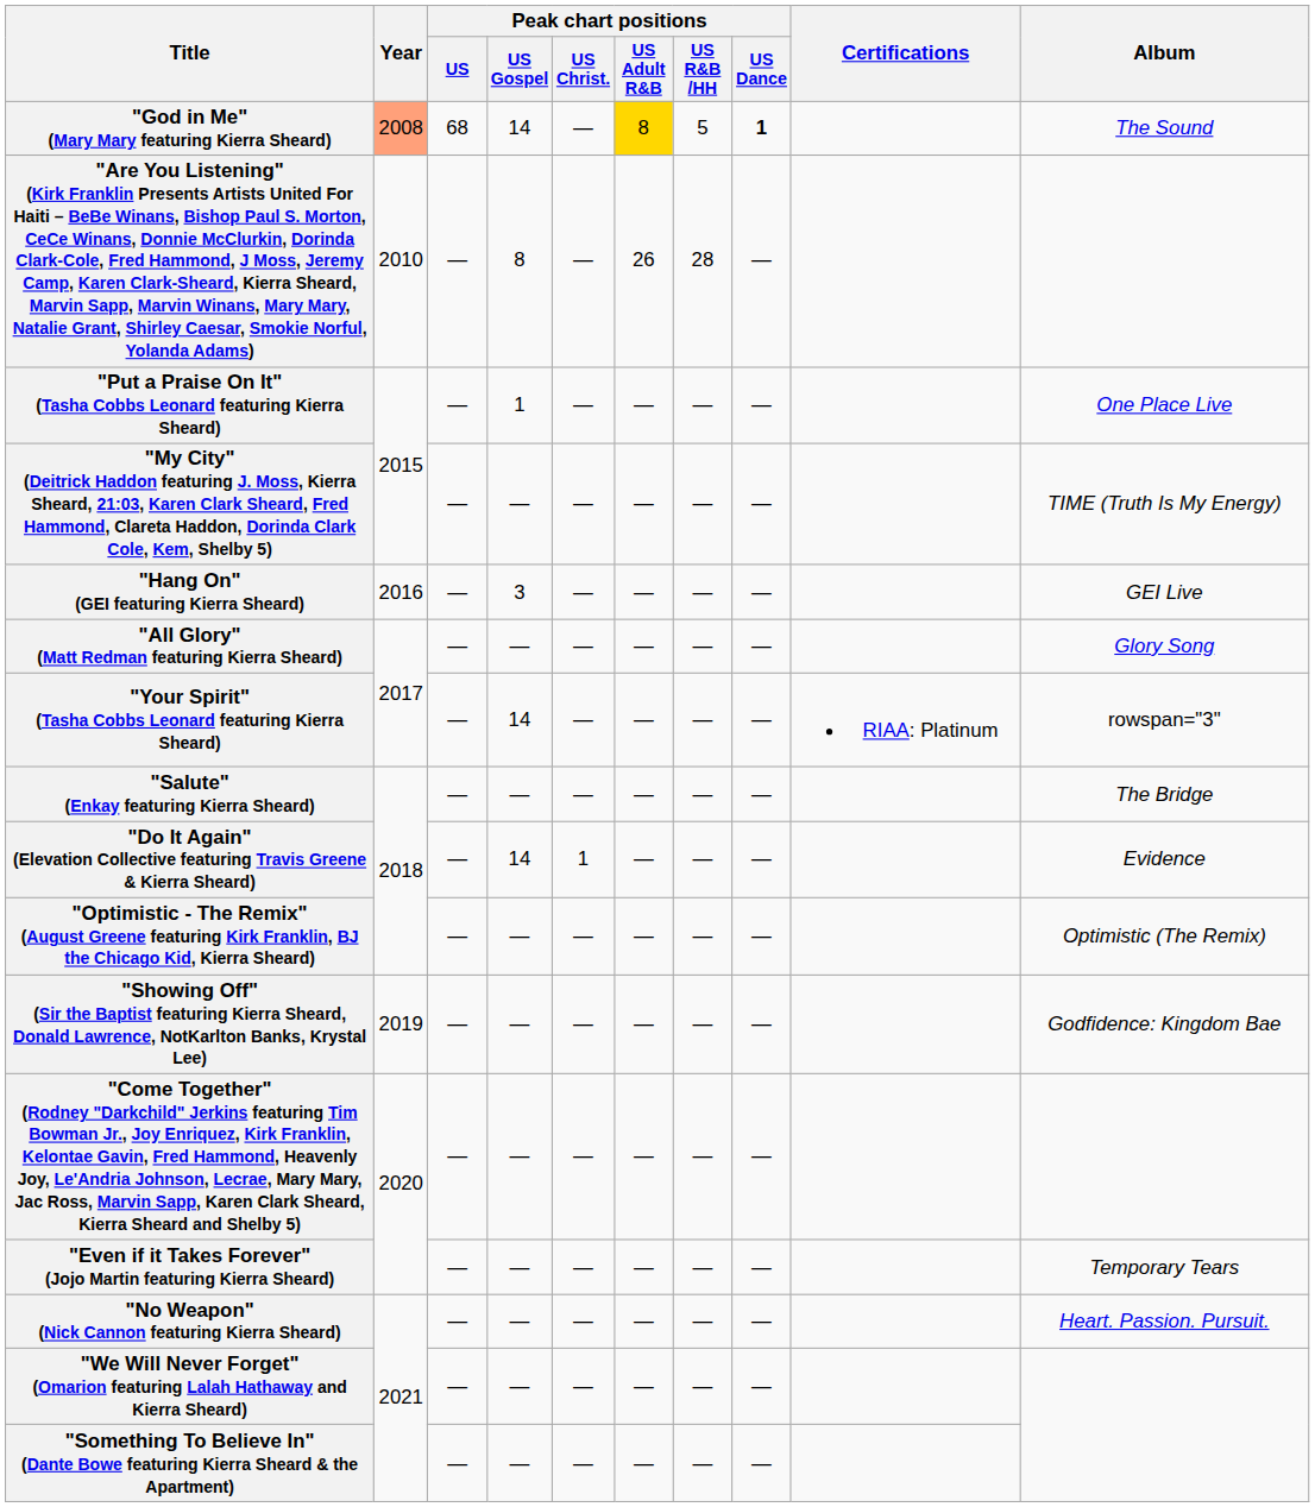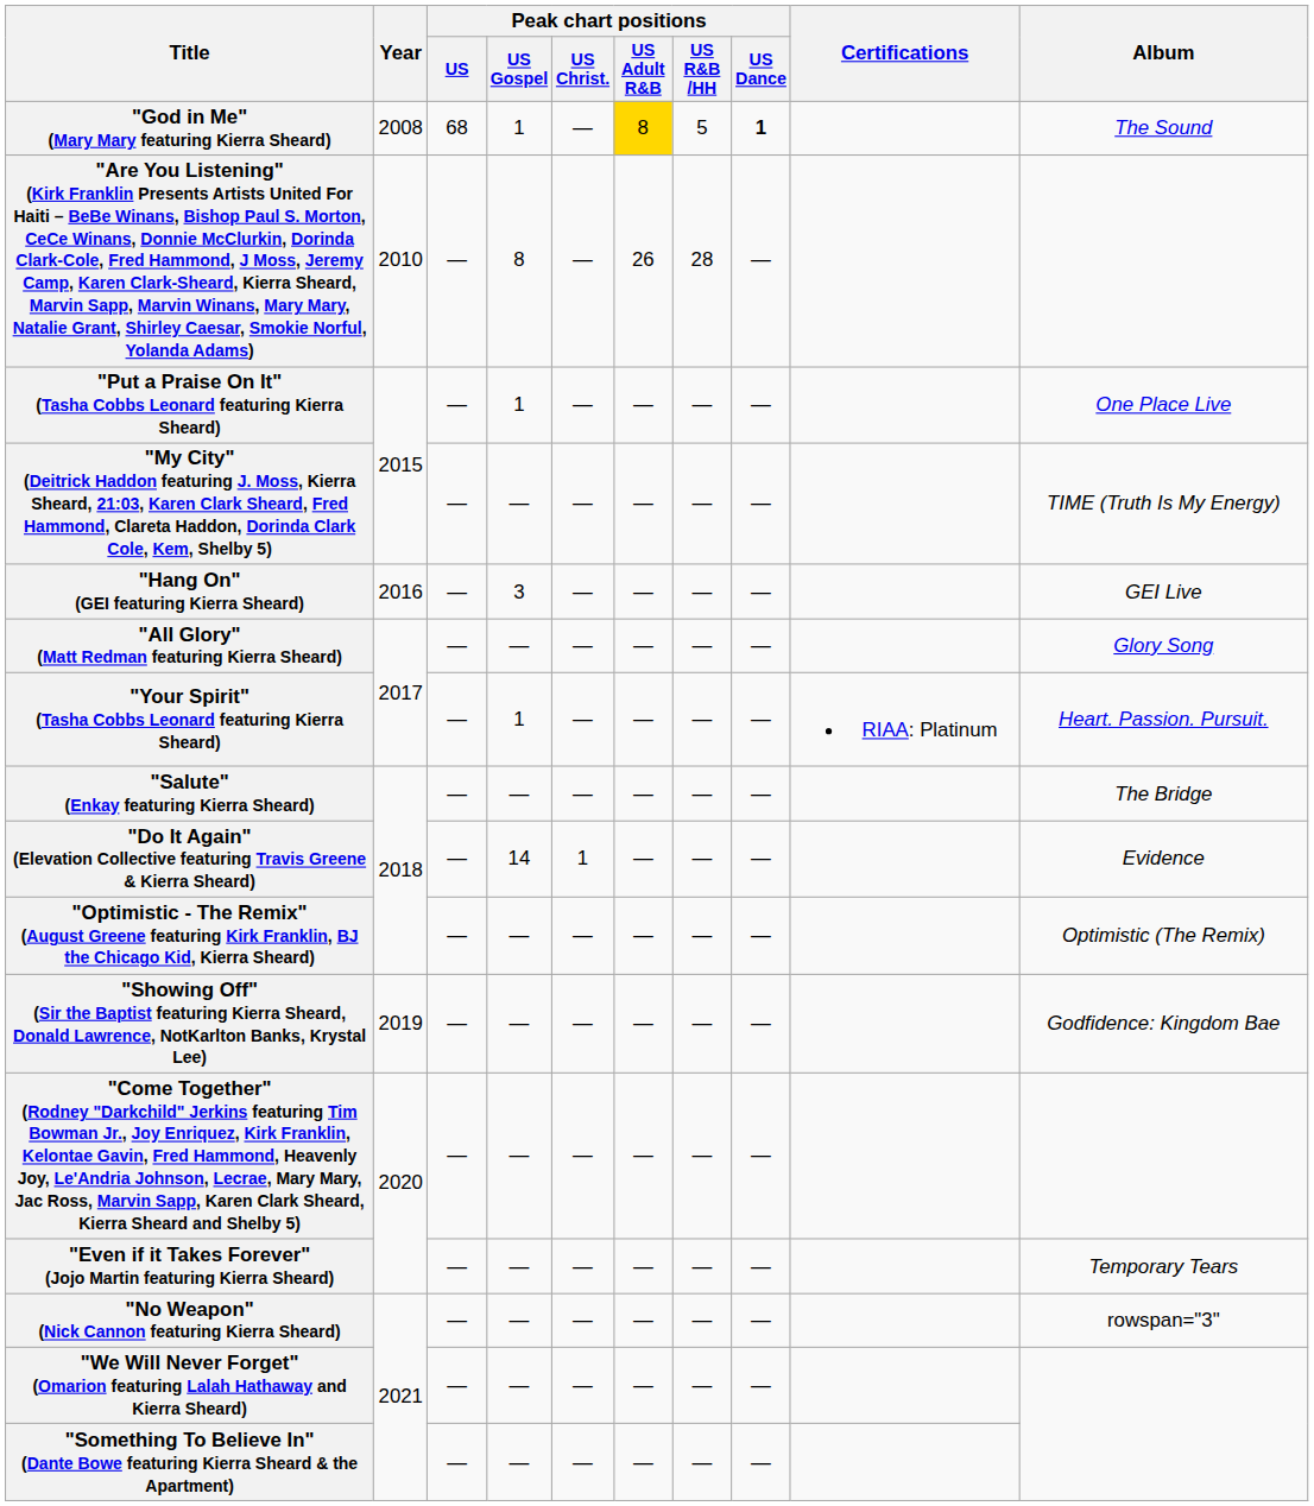 <table class="wikitable plainrowheaders" style="text-align:center;" border="1">
 <tr>
 <th scope="col" rowspan="2" style="width:18em;">Title</th>
 <th scope="col" rowspan="2" style="width:2em;">Year</th>
 <th scope="col" colspan="6">Peak chart positions</th>
 <th scope="col" rowspan="2" style="width:11em;"><a href='#'>Certifications</a></th>
 <th scope="col" rowspan="2" style="width:14em;">Album</th>
 </tr>
 <tr>
 <th scope="col" style="width:3em;font-size:85%;"><a href='#'>US</a><br></th>
 <th scope="col" style="width:3em;font-size:85%;"><a href='#'>US<br>Gospel</a><br></th>
 <th scope="col" style="width:3em;font-size:85%;"><a href='#'>US<br>Christ.</a><br></th>
 <th scope="col" style="width:3em;font-size:85%;"><a href='#'>US<br>Adult<br>R&B</a><br></th>
 <th scope="col" style="width:3em;font-size:85%;"><a href='#'>US<br>R&B<br>/HH</a><br></th>
 <th scope="col" style="width:3em;font-size:85%;"><a href='#'>US<br>Dance</a><br></th>
 </tr>
 <tr>
 <th scope="row">"God in Me"<br><small>(<a href='#'>Mary Mary</a> featuring Kierra Sheard)</small></th>
-<td rowspan="1" style="background: lightsalmon;">2008</td>
+<td rowspan="1">2008</td>
 <td>68</td>
-<td>14</td>
+<td>1</td>
 <td>—</td>
 <td style="background: gold;">8</td>
 <td>5</td>
 <td><strong>1</strong></td>
 <td></td>
 <td rowspan="1"><em><a href='#'>The Sound</a></em></td>
 </tr>
 <tr>
 <th scope="row">"Are You Listening"<br><small>(<a href='#'>Kirk Franklin</a> Presents Artists United For Haiti – <a href='#'>BeBe Winans</a>, <a href='#'>Bishop Paul S. Morton</a>, <a href='#'>CeCe Winans</a>, <a href='#'>Donnie McClurkin</a>, <a href='#'>Dorinda Clark-Cole</a>, <a href='#'>Fred Hammond</a>, <a href='#'>J Moss</a>, <a href='#'>Jeremy Camp</a>, <a href='#'>Karen Clark-Sheard</a>, Kierra Sheard, <a href='#'>Marvin Sapp</a>, <a href='#'>Marvin Winans</a>, <a href='#'>Mary Mary</a>, <a href='#'>Natalie Grant</a>, <a href='#'>Shirley Caesar</a>, <a href='#'>Smokie Norful</a>, <a href='#'>Yolanda Adams</a>)</small></th>
 <td rowspan="1">2010</td>
 <td>—</td>
 <td>8</td>
 <td>—</td>
 <td>26</td>
 <td>28</td>
 <td>—</td>
 <td></td>
 <td></td>
 </tr>
 <tr>
 <th scope="row">"Put a Praise On It"<br><small>(<a href='#'>Tasha Cobbs Leonard</a> featuring Kierra Sheard)</small></th>
 <td rowspan="2">2015</td>
 <td>—</td>
 <td>1</td>
 <td>—</td>
 <td>—</td>
 <td>—</td>
 <td>—</td>
 <td></td>
 <td rowspan="1"><em><a href='#'>One Place Live</a></em></td>
 </tr>
 <tr>
 <th scope="row">"My City"<br><small>(<a href='#'>Deitrick Haddon</a> featuring <a href='#'>J. Moss</a>, Kierra Sheard, <a href='#'>21:03</a>, <a href='#'>Karen Clark Sheard</a>, <a href='#'>Fred Hammond</a>, Clareta Haddon, <a href='#'>Dorinda Clark Cole</a>, <a href='#'>Kem</a>, Shelby 5)</small></th>
 <td>—</td>
 <td>—</td>
 <td>—</td>
 <td>—</td>
 <td>—</td>
 <td>—</td>
 <td></td>
 <td rowspan="1"><em>TIME (Truth Is My Energy)</em></td>
 </tr>
 <tr>
 <th scope="row">"Hang On"<br><small>(GEI featuring Kierra Sheard)</small></th>
 <td rowspan="1">2016</td>
 <td>—</td>
 <td>3</td>
 <td>—</td>
 <td>—</td>
 <td>—</td>
 <td>—</td>
 <td></td>
 <td rowspan="1"><em>GEI Live</em></td>
 </tr>
 <tr>
 <th scope="row">"All Glory"<br><small>(<a href='#'>Matt Redman</a> featuring Kierra Sheard)</small></th>
 <td rowspan="2">2017</td>
 <td>—</td>
 <td>—</td>
 <td>—</td>
 <td>—</td>
 <td>—</td>
 <td>—</td>
 <td></td>
 <td rowspan="1"><em><a href='#'>Glory Song</a></em></td>
 </tr>
 <tr>
 <th scope="row">"Your Spirit"<br><small>(<a href='#'>Tasha Cobbs Leonard</a> featuring Kierra Sheard)</small></th>
 <td>—</td>
-<td>14</td>
+<td>1</td>
 <td>—</td>
 <td>—</td>
 <td>—</td>
 <td>—</td>
 <td><br><ul><li><a href='#'>RIAA</a>: Platinum</li></ul></td>
-<td>rowspan="3" </td>
+<td rowspan="1"><em><a href='#'>Heart. Passion. Pursuit.</a></em></td>
 </tr>
 <tr>
 <th scope="row">"Salute"<br><small>(<a href='#'>Enkay</a> featuring Kierra Sheard)</small></th>
 <td rowspan="3">2018</td>
 <td>—</td>
 <td>—</td>
 <td>—</td>
 <td>—</td>
 <td>—</td>
 <td>—</td>
 <td></td>
 <td rowspan="1"><em>The Bridge</em></td>
 </tr>
 <tr>
 <th scope="row">"Do It Again"<br><small>(Elevation Collective featuring <a href='#'>Travis Greene</a> & Kierra Sheard)</small></th>
 <td>—</td>
 <td>14</td>
 <td>1</td>
 <td>—</td>
 <td>—</td>
 <td>—</td>
 <td></td>
 <td rowspan="1"><em>Evidence</em></td>
 </tr>
 <tr>
 <th scope="row">"Optimistic - The Remix"<br><small>(<a href='#'>August Greene</a> featuring <a href='#'>Kirk Franklin</a>, <a href='#'>BJ the Chicago Kid</a>, Kierra Sheard)</small></th>
 <td>—</td>
 <td>—</td>
 <td>—</td>
 <td>—</td>
 <td>—</td>
 <td>—</td>
 <td></td>
 <td rowspan="1"><em>Optimistic (The Remix)</em></td>
 </tr>
 <tr>
 <th scope="row">"Showing Off"<br><small>(<a href='#'>Sir the Baptist</a> featuring Kierra Sheard, <a href='#'>Donald Lawrence</a>, NotKarlton Banks, Krystal Lee)</small></th>
 <td rowspan="1">2019</td>
 <td>—</td>
 <td>—</td>
 <td>—</td>
 <td>—</td>
 <td>—</td>
 <td>—</td>
 <td></td>
 <td rowspan="1"><em>Godfidence: Kingdom Bae</em></td>
 </tr>
 <tr>
 <th scope="row">"Come Together"<br><small>(<a href='#'>Rodney "Darkchild" Jerkins</a> featuring <a href='#'>Tim Bowman Jr.</a>, <a href='#'>Joy Enriquez</a>, <a href='#'>Kirk Franklin</a>, <a href='#'>Kelontae Gavin</a>, <a href='#'>Fred Hammond</a>, Heavenly Joy, <a href='#'>Le'Andria Johnson</a>, <a href='#'>Lecrae</a>, Mary Mary, Jac Ross, <a href='#'>Marvin Sapp</a>, Karen Clark Sheard, Kierra Sheard and Shelby 5)</small></th>
 <td rowspan="2">2020</td>
 <td>—</td>
 <td>—</td>
 <td>—</td>
 <td>—</td>
 <td>—</td>
 <td>—</td>
 <td></td>
 <td></td>
 </tr>
 <tr>
 <th scope="row">"Even if it Takes Forever"<br><small>(Jojo Martin featuring Kierra Sheard)</small></th>
 <td>—</td>
 <td>—</td>
 <td>—</td>
 <td>—</td>
 <td>—</td>
 <td>—</td>
 <td></td>
 <td><em>Temporary Tears</em></td>
 </tr>
 <tr>
 <th scope="row">"No Weapon"<br><small>(<a href='#'>Nick Cannon</a> featuring Kierra Sheard)</small></th>
 <td rowspan="3">2021</td>
 <td>—</td>
 <td>—</td>
 <td>—</td>
 <td>—</td>
 <td>—</td>
 <td>—</td>
 <td></td>
-<td rowspan="1"><em><a href='#'>Heart. Passion. Pursuit.</a></em></td>
+<td>rowspan="3" </td>
 </tr>
 <tr>
 <th scope="row">"We Will Never Forget"<br><small>(<a href='#'>Omarion</a> featuring <a href='#'>Lalah Hathaway</a> and Kierra Sheard)</small></th>
 <td>—</td>
 <td>—</td>
 <td>—</td>
 <td>—</td>
 <td>—</td>
 <td>—</td>
 <td></td>
 </tr>
 <tr>
 <th scope="row">"Something To Believe In"<br><small>(<a href='#'>Dante Bowe</a> featuring Kierra Sheard & the Apartment)</small></th>
 <td>—</td>
 <td>—</td>
 <td>—</td>
 <td>—</td>
 <td>—</td>
 <td>—</td>
 <td></td>
 </tr>
 </table>
